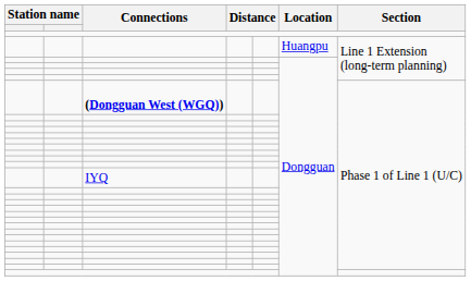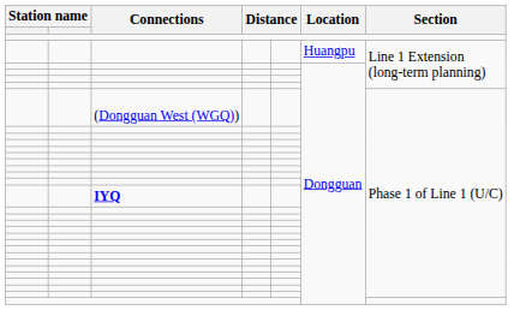 <table class="wikitable">
 <tr>
 <th colspan="2">Station name</th>
 <th rowspan="2">Connections</th>
 <th colspan="2" rowspan="2">Distance<br></th>
 <th rowspan="2">Location</th>
 <th rowspan="2">Section</th>
 </tr>
 <tr>
 <th></th>
 <th></th>
 </tr>
 <tr style="background:#">
 <td colspan = "7"></td>
 </tr>
 <tr>
 <td></td>
 <td></td>
 <td> </td>
 <td></td>
 <td></td>
 <td><a href='#'>Huangpu</a> </td>
 <td rowspan="5"> Line 1 Extension<br>(long-term planning)</td>
 </tr>
 <tr>
 <td></td>
 <td></td>
 <td></td>
 <td></td>
 <td></td>
 <td rowspan="30"><a href='#'>Dongguan</a></td>
 </tr>
 <tr>
 <td></td>
 <td></td>
 <td></td>
 <td></td>
 <td></td>
 </tr>
 <tr>
 <td></td>
 <td></td>
 <td></td>
 <td></td>
 <td></td>
 </tr>
 <tr>
 <td></td>
 <td></td>
 <td></td>
 <td></td>
 <td></td>
 </tr>
 <tr>
 <td></td>
 <td></td>
-<td><strong>  <br>(<a href='#'>Dongguan West (WGQ)</a>)</strong></td>
+<td>  <br>(<a href='#'>Dongguan West (WGQ)</a>)</td>
 <td></td>
 <td></td>
 <td rowspan="25"> Phase 1 of Line 1 (U/C)</td>
 </tr>
 <tr>
 <td></td>
 <td></td>
 <td></td>
 <td></td>
 <td></td>
 </tr>
 <tr>
 <td></td>
 <td></td>
 <td></td>
 <td></td>
 <td></td>
 </tr>
 <tr>
 <td></td>
 <td></td>
 <td></td>
 <td></td>
 <td></td>
 </tr>
 <tr>
 <td></td>
 <td></td>
 <td></td>
 <td></td>
 <td></td>
 </tr>
 <tr>
 <td></td>
 <td></td>
 <td></td>
 <td></td>
 <td></td>
 </tr>
 <tr>
 <td></td>
 <td></td>
 <td></td>
 <td></td>
 <td></td>
 </tr>
 <tr>
 <td></td>
 <td></td>
 <td></td>
 <td></td>
 <td></td>
 </tr>
 <tr>
 <td></td>
 <td></td>
 <td></td>
 <td></td>
 <td></td>
 </tr>
 <tr>
 <td></td>
 <td></td>
 <td></td>
 <td></td>
 <td></td>
 </tr>
 <tr>
 <td></td>
 <td></td>
-<td> <a href='#'>IYQ</a> </td>
+<td><strong> <a href='#'>IYQ</a> </strong></td>
 <td></td>
 <td></td>
 </tr>
 <tr>
 <td></td>
 <td></td>
 <td></td>
 <td></td>
 <td></td>
 </tr>
 <tr>
 <td></td>
 <td></td>
 <td></td>
 <td></td>
 <td></td>
 </tr>
 <tr>
 <td></td>
 <td></td>
 <td></td>
 <td></td>
 <td></td>
 </tr>
 <tr>
 <td></td>
 <td></td>
 <td></td>
 <td></td>
 <td></td>
 </tr>
 <tr>
 <td></td>
 <td></td>
 <td></td>
 <td></td>
 <td></td>
 </tr>
 <tr>
 <td></td>
 <td></td>
 <td></td>
 <td></td>
 <td></td>
 </tr>
 <tr>
 <td></td>
 <td></td>
 <td></td>
 <td></td>
 <td></td>
 </tr>
 <tr>
 <td></td>
 <td></td>
 <td></td>
 <td></td>
 <td></td>
 </tr>
 <tr>
 <td></td>
 <td></td>
 <td></td>
 <td></td>
 <td></td>
 </tr>
 <tr>
 <td></td>
 <td></td>
 <td></td>
 <td></td>
 <td></td>
 </tr>
 <tr>
 <td></td>
 <td></td>
 <td></td>
 <td></td>
 <td></td>
 </tr>
 <tr>
 <td></td>
 <td></td>
 <td></td>
 <td></td>
 <td></td>
 </tr>
 <tr>
 <td></td>
 <td></td>
 <td></td>
 <td></td>
 <td></td>
 </tr>
 <tr>
 <td></td>
 <td></td>
 <td></td>
 <td></td>
 <td></td>
 </tr>
 <tr style="background:#">
 <td colspan = "7"></td>
 </tr>
 </table>
